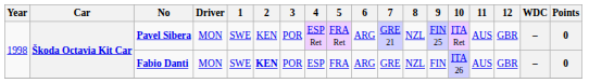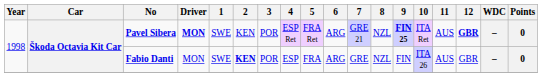 <table class="wikitable" style="text-align:center; font-size:90%">
 <tr>
 <th>Year</th>
 <th>Car</th>
 <th>No</th>
 <th>Driver</th>
 <th>1</th>
 <th>2</th>
 <th>3</th>
 <th>4</th>
 <th>5</th>
 <th>6</th>
 <th>7</th>
 <th>8</th>
 <th>9</th>
 <th>10</th>
 <th>11</th>
 <th>12</th>
 <th>WDC</th>
 <th>Points</th>
 </tr>
 <tr>
 <td rowspan="2"><a href='#'>1998</a></td>
 <th rowspan="2"><a href='#'>Škoda Octavia Kit Car</a></th>
 <td align="left"> <strong><a href='#'>Pavel Sibera</a></strong></td>
-<td><a href='#'>MON</a></td>
+<td><strong><a href='#'>MON</a></strong></td>
 <td><a href='#'>SWE</a></td>
 <td><a href='#'>KEN</a></td>
 <td><a href='#'>POR</a></td>
 <td style="background:#EFCFFF;"><a href='#'>ESP</a><br><small>Ret</small></td>
 <td style="background:#EFCFFF;"><a href='#'>FRA</a><br><small>Ret</small></td>
 <td><a href='#'>ARG</a></td>
 <td style="background:#CFCFFF;"><a href='#'>GRE</a><br><small>21</small></td>
 <td><a href='#'>NZL</a></td>
-<td style="background:#CFCFFF;"><a href='#'>FIN</a><br><small>25</small></td>
+<td style="background:#CFCFFF;"><strong><a href='#'>FIN</a><br><small>25</small></strong></td>
 <td style="background:#EFCFFF;"><a href='#'>ITA</a><br><small>Ret</small></td>
 <td><a href='#'>AUS</a></td>
-<td><a href='#'>GBR</a></td>
+<td><strong><a href='#'>GBR</a></strong></td>
 <th>–</th>
 <th>0</th>
 </tr>
 <tr>
 <td align="left"> <strong><a href='#'>Fabio Danti</a></strong></td>
 <td><a href='#'>MON</a></td>
 <td><a href='#'>SWE</a></td>
 <td><strong><a href='#'>KEN</a></strong></td>
 <td><a href='#'>POR</a></td>
 <td><a href='#'>ESP</a></td>
 <td><a href='#'>FRA</a></td>
 <td><a href='#'>ARG</a></td>
 <td><a href='#'>GRE</a></td>
 <td><a href='#'>NZL</a></td>
 <td><a href='#'>FIN</a></td>
 <td style="background:#CFCFFF;"><a href='#'>ITA</a><br><small>26</small></td>
 <td><a href='#'>AUS</a></td>
 <td><a href='#'>GBR</a></td>
 <th>–</th>
 <th>0</th>
 </tr>
 <tr>
 </tr>
 </table>
